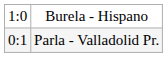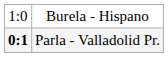 <table class="wikitable">
 <tr align=center bgcolor=white>
 <td>1:0</td>
 <td>Burela - Hispano</td>
 </tr>
 <tr align=center bgcolor=#F5F5F5>
-<td>0:1</td>
+<td><strong>0:1</strong></td>
 <td>Parla - Valladolid Pr.</td>
 </tr>
 </table>
